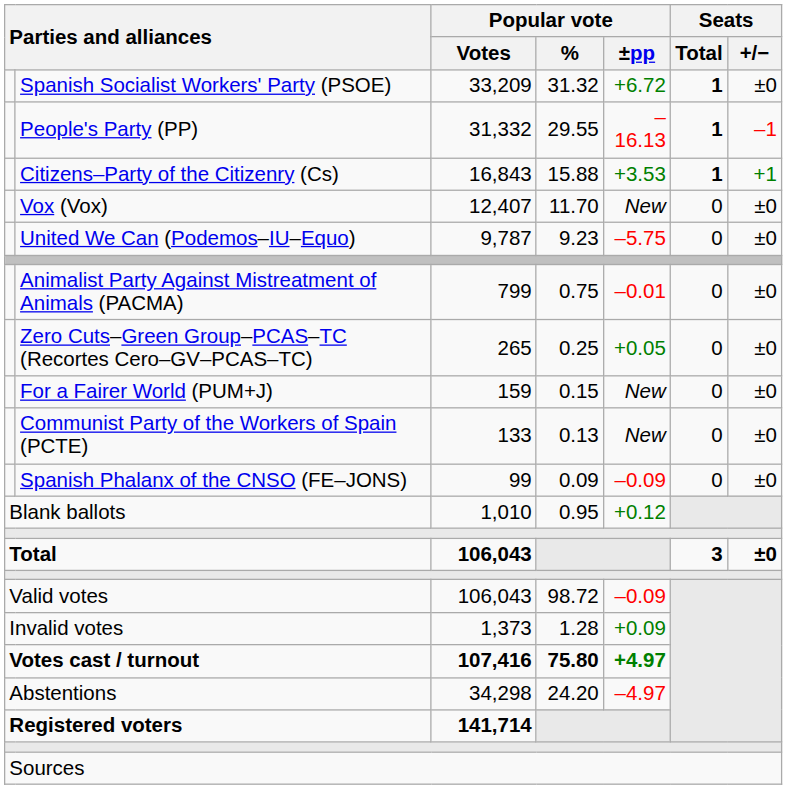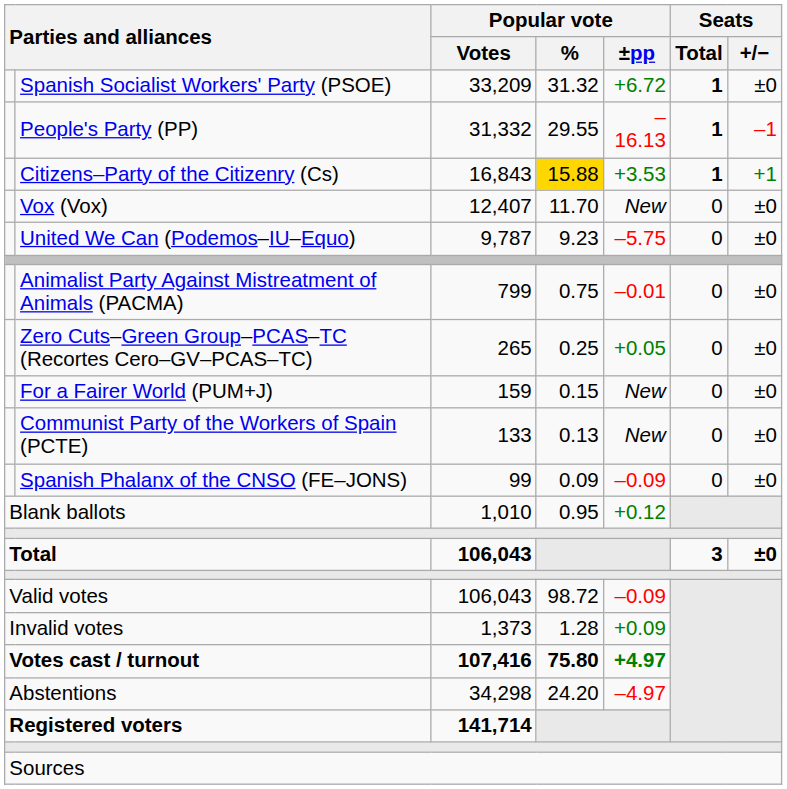 <table class="wikitable" style="text-align:right;">
 <tr>
 <th style="text-align:left;" rowspan="2" colspan="2" width="525">Parties and alliances</th>
 <th colspan="3">Popular vote</th>
 <th colspan="2">Seats</th>
 </tr>
 <tr>
 <th width="75">Votes</th>
 <th width="45">%</th>
 <th width="45">±<a href='#'>pp</a></th>
 <th width="35">Total</th>
 <th width="35">+/−</th>
 </tr>
 <tr>
 <td width="1" style="color:inherit;background:"></td>
 <td align="left"><a href='#'>Spanish Socialist Workers' Party</a> (PSOE)</td>
 <td>33,209</td>
 <td>31.32</td>
 <td style="color:green;">+6.72</td>
 <td><strong>1</strong></td>
 <td>±0</td>
 </tr>
 <tr>
 <td style="color:inherit;background:"></td>
 <td align="left"><a href='#'>People's Party</a> (PP)</td>
 <td>31,332</td>
 <td>29.55</td>
 <td style="color:red;">–16.13</td>
 <td><strong>1</strong></td>
 <td style="color:red;">–1</td>
 </tr>
 <tr>
 <td style="color:inherit;background:"></td>
 <td align="left"><a href='#'>Citizens–Party of the Citizenry</a> (Cs)</td>
 <td>16,843</td>
-<td>15.88</td>
+<td style="background: gold;">15.88</td>
 <td style="color:green;">+3.53</td>
 <td><strong>1</strong></td>
 <td style="color:green;">+1</td>
 </tr>
 <tr>
 <td style="color:inherit;background:"></td>
 <td align="left"><a href='#'>Vox</a> (Vox)</td>
 <td>12,407</td>
 <td>11.70</td>
 <td><em>New</em></td>
 <td>0</td>
 <td>±0</td>
 </tr>
 <tr>
 <td style="color:inherit;background:"></td>
 <td align="left"><a href='#'>United We Can</a> (<a href='#'>Podemos</a>–<a href='#'>IU</a>–<a href='#'>Equo</a>)</td>
 <td>9,787</td>
 <td>9.23</td>
 <td style="color:red;">–5.75</td>
 <td>0</td>
 <td>±0</td>
 </tr>
 <tr>
 <td colspan="7" bgcolor="#C0C0C0"></td>
 </tr>
 <tr>
 <td style="color:inherit;background:"></td>
 <td align="left"><a href='#'>Animalist Party Against Mistreatment of Animals</a> (PACMA)</td>
 <td>799</td>
 <td>0.75</td>
 <td style="color:red;">–0.01</td>
 <td>0</td>
 <td>±0</td>
 </tr>
 <tr>
 <td style="color:inherit;background:"></td>
 <td align="left"><a href='#'>Zero Cuts</a>–<a href='#'>Green Group</a>–<a href='#'>PCAS</a>–<a href='#'>TC</a> (Recortes Cero–GV–PCAS–TC)</td>
 <td>265</td>
 <td>0.25</td>
 <td style="color:green;">+0.05</td>
 <td>0</td>
 <td>±0</td>
 </tr>
 <tr>
 <td style="color:inherit;background:"></td>
 <td align="left"><a href='#'>For a Fairer World</a> (PUM+J)</td>
 <td>159</td>
 <td>0.15</td>
 <td><em>New</em></td>
 <td>0</td>
 <td>±0</td>
 </tr>
 <tr>
 <td style="color:inherit;background:"></td>
 <td align="left"><a href='#'>Communist Party of the Workers of Spain</a> (PCTE)</td>
 <td>133</td>
 <td>0.13</td>
 <td><em>New</em></td>
 <td>0</td>
 <td>±0</td>
 </tr>
 <tr>
 <td style="color:inherit;background:"></td>
 <td align="left"><a href='#'>Spanish Phalanx of the CNSO</a> (FE–JONS)</td>
 <td>99</td>
 <td>0.09</td>
 <td style="color:red;">–0.09</td>
 <td>0</td>
 <td>±0</td>
 </tr>
 <tr>
 <td align="left" colspan="2">Blank ballots</td>
 <td>1,010</td>
 <td>0.95</td>
 <td style="color:green;">+0.12</td>
 <td bgcolor="#E9E9E9" colspan="2"></td>
 </tr>
 <tr>
 <td colspan="7" bgcolor="#E9E9E9"></td>
 </tr>
 <tr style="font-weight:bold;">
 <td align="left" colspan="2">Total</td>
 <td>106,043</td>
 <td bgcolor="#E9E9E9" colspan="2"></td>
 <td>3</td>
 <td>±0</td>
 </tr>
 <tr>
 <td colspan="7" bgcolor="#E9E9E9"></td>
 </tr>
 <tr>
 <td align="left" colspan="2">Valid votes</td>
 <td>106,043</td>
 <td>98.72</td>
 <td style="color:red;">–0.09</td>
 <td bgcolor="#E9E9E9" colspan="2" rowspan="5"></td>
 </tr>
 <tr>
 <td align="left" colspan="2">Invalid votes</td>
 <td>1,373</td>
 <td>1.28</td>
 <td style="color:green;">+0.09</td>
 </tr>
 <tr style="font-weight:bold;">
 <td align="left" colspan="2">Votes cast / turnout</td>
 <td>107,416</td>
 <td>75.80</td>
 <td style="color:green;">+4.97</td>
 </tr>
 <tr>
 <td align="left" colspan="2">Abstentions</td>
 <td>34,298</td>
 <td>24.20</td>
 <td style="color:red;">–4.97</td>
 </tr>
 <tr style="font-weight:bold;">
 <td align="left" colspan="2">Registered voters</td>
 <td>141,714</td>
 <td bgcolor="#E9E9E9" colspan="2"></td>
 </tr>
 <tr>
 <td colspan="7" bgcolor="#E9E9E9"></td>
 </tr>
 <tr>
 <td align="left" colspan="7">Sources</td>
 </tr>
 </table>
